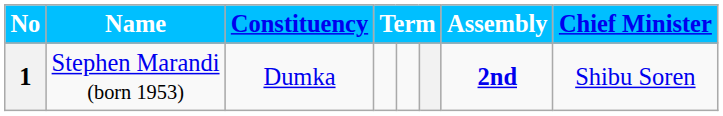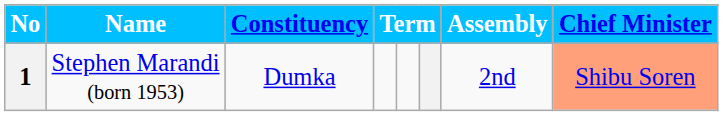 <table class="wikitable">
 <tr>
 <th style="background-color:#00BFFF; color:white">No</th>
 <th style="background-color:#00BFFF; color:white">Name</th>
 <th style="background-color:#00BFFF; color:white"><a href='#'>Constituency</a></th>
 <th colspan="3" style="background-color:#00BFFF; color:white">Term</th>
 <th style="background-color:#00BFFF; color:white">Assembly</th>
 <th style="background-color:#00BFFF; color:white"><a href='#'>Chief Minister</a></th>
 </tr>
 <tr style="text-align:center;">
 <th>1</th>
 <td><a href='#'>Stephen Marandi</a><br><small>(born 1953)</small></td>
 <td><a href='#'>Dumka</a></td>
 <td></td>
 <td></td>
 <th></th>
-<td><strong><a href='#'>2nd</a></strong></td>
-<td><a href='#'>Shibu Soren</a></td>
+<td><a href='#'>2nd</a></td>
+<td style="background: lightsalmon;"><a href='#'>Shibu Soren</a></td>
 </tr>
 </table>
